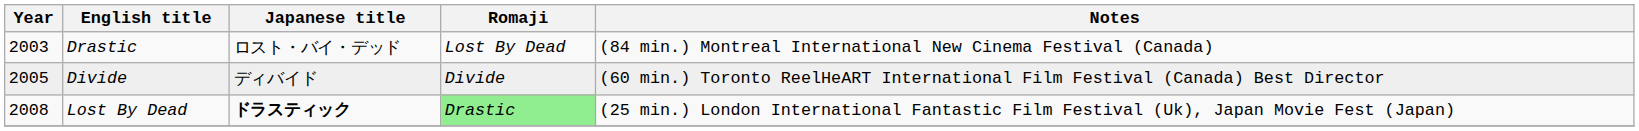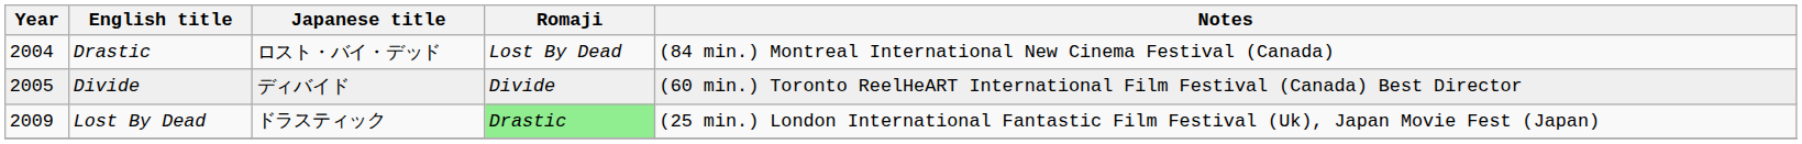 <table class="wikitable" width="100%">
 <tr>
 <th>Year</th>
 <th>English title</th>
 <th>Japanese title</th>
 <th>Romaji</th>
 <th>Notes</th>
 </tr>
 <tr>
-<td>2003</td>
+<td>2004</td>
 <td><em>Drastic</em></td>
 <td>ロスト・バイ・デッド</td>
 <td><em>Lost By Dead</em></td>
 <td>(84 min.) Montreal International New Cinema Festival (Canada)</td>
 </tr>
 <tr style=background:#efefef;>
 <td>2005</td>
 <td><em>Divide</em></td>
 <td>ディバイド</td>
 <td><em>Divide</em></td>
 <td>(60 min.) Toronto ReelHeART International Film Festival (Canada) Best Director</td>
 </tr>
 <tr>
-<td>2008</td>
+<td>2009</td>
 <td><em>Lost By Dead</em></td>
-<td><strong>ドラスティック</strong></td>
+<td>ドラスティック</td>
 <td style="background: lightgreen;"><em>Drastic</em></td>
 <td>(25 min.) London International Fantastic Film Festival (Uk), Japan Movie Fest (Japan)</td>
 </tr>
 <tr style=background:#efefef;|->
 </tr>
 </table>
